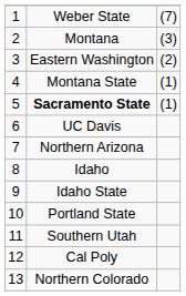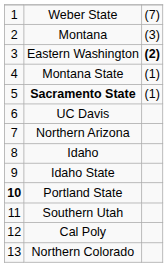 <table class="wikitable" style="display: inline-table;">
 <tr align="center">
 </tr>
 <tr align="center">
 <td>1</td>
 <td>Weber State</td>
 <td>(7)</td>
 </tr>
 <tr align="center">
 <td>2</td>
 <td>Montana</td>
 <td>(3)</td>
 </tr>
 <tr align="center">
 <td>3</td>
 <td>Eastern Washington</td>
-<td>(2)</td>
+<td><strong>(2)</strong></td>
 </tr>
 <tr align="center">
 <td>4</td>
 <td>Montana State</td>
 <td>(1)</td>
 </tr>
 <tr align="center">
 <td>5</td>
 <td><strong>Sacramento State</strong></td>
 <td>(1)</td>
 </tr>
 <tr align="center">
 <td>6</td>
 <td>UC Davis</td>
 <td></td>
 </tr>
 <tr align="center">
 <td>7</td>
 <td>Northern Arizona</td>
 <td></td>
 </tr>
 <tr align="center">
 <td>8</td>
 <td>Idaho</td>
 <td></td>
 </tr>
 <tr align="center">
 <td>9</td>
 <td>Idaho State</td>
 <td></td>
 </tr>
 <tr align="center">
-<td>10</td>
+<td><strong>10</strong></td>
 <td>Portland State</td>
 <td></td>
 </tr>
 <tr align="center">
 <td>11</td>
 <td>Southern Utah</td>
 <td></td>
 </tr>
 <tr align="center">
 <td>12</td>
 <td>Cal Poly</td>
 <td></td>
 </tr>
 <tr align="center">
 <td>13</td>
 <td>Northern Colorado</td>
 <td></td>
 </tr>
 </table>
